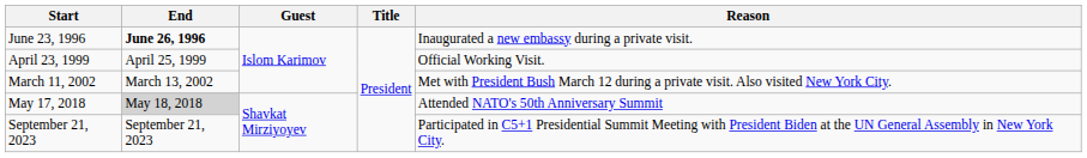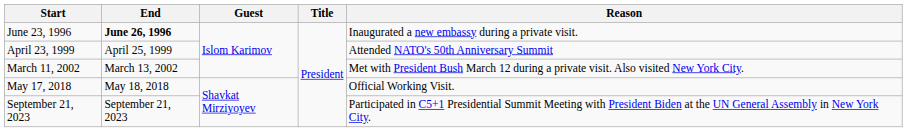 <table class="wikitable sortable">
 <tr>
 <th>Start</th>
 <th>End</th>
 <th>Guest</th>
 <th>Title</th>
 <th>Reason</th>
 </tr>
 <tr>
 <td>June 23, 1996</td>
 <td><strong>June 26, 1996</strong></td>
 <td rowspan=3><a href='#'>Islom Karimov</a></td>
 <td rowspan=5><a href='#'>President</a></td>
 <td>Inaugurated a <a href='#'>new embassy</a> during a private visit.</td>
 </tr>
 <tr>
 <td>April 23, 1999</td>
 <td>April 25, 1999</td>
-<td>Official Working Visit.</td>
+<td>Attended <a href='#'>NATO's 50th Anniversary Summit</a></td>
 </tr>
 <tr>
 <td>March 11, 2002</td>
 <td>March 13, 2002</td>
 <td>Met with <a href='#'>President Bush</a> March 12 during a private visit. Also visited <a href='#'>New York City</a>.</td>
 </tr>
 <tr>
 <td>May 17, 2018</td>
-<td style="background: lightgrey;">May 18, 2018</td>
+<td>May 18, 2018</td>
 <td rowspan=2><a href='#'>Shavkat Mirziyoyev</a></td>
-<td>Attended <a href='#'>NATO's 50th Anniversary Summit</a></td>
+<td>Official Working Visit.</td>
 </tr>
 <tr>
 <td>September 21, 2023</td>
 <td>September 21, 2023</td>
 <td>Participated in <a href='#'>C5+1</a> Presidential Summit Meeting with <a href='#'>President Biden</a> at the <a href='#'>UN General Assembly</a> in <a href='#'>New York City</a>.</td>
 </tr>
 </table>
